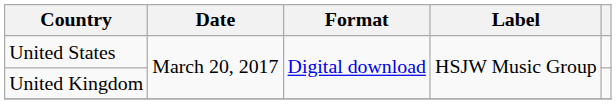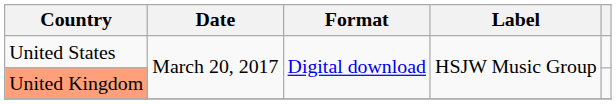 <table class="wikitable plainrowheaders">
 <tr>
 <th>Country</th>
 <th>Date</th>
 <th>Format</th>
 <th>Label</th>
 <th></th>
 </tr>
 <tr>
 <td>United States</td>
 <td rowspan="2">March 20, 2017</td>
 <td rowspan="2"><a href='#'>Digital download</a></td>
 <td rowspan="2">HSJW Music Group</td>
 <td></td>
 </tr>
 <tr>
-<td>United Kingdom</td>
+<td style="background: lightsalmon;">United Kingdom</td>
 <td></td>
 </tr>
 <tr>
 </tr>
 </table>
